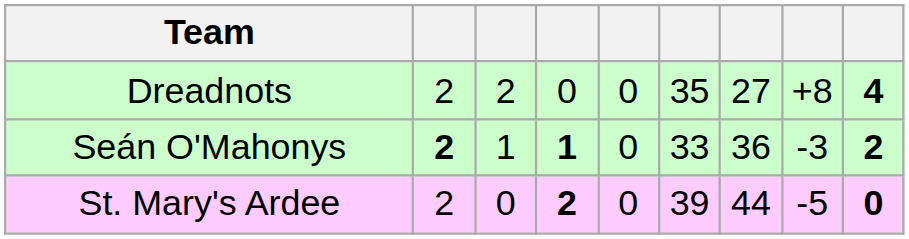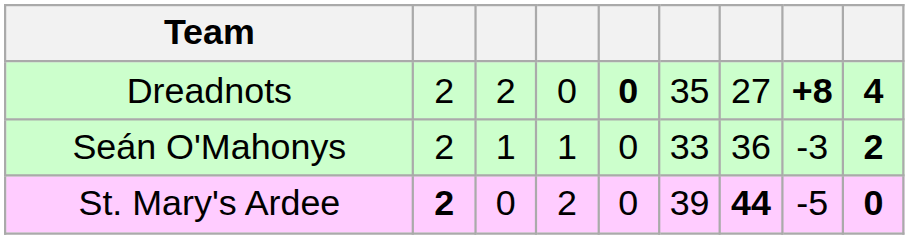 <table class="wikitable" style="text-align:center">
 <tr>
 <th style="width:175px;">Team</th>
 <th width="20"></th>
 <th width="20"></th>
 <th width="20"></th>
 <th width="20"></th>
 <th width="20"></th>
 <th width="20"></th>
 <th width="20"></th>
 <th width="20"></th>
 </tr>
 <tr style="background:#cfc;">
 <td>Dreadnots</td>
 <td>2</td>
 <td>2</td>
 <td>0</td>
-<td>0</td>
+<td><strong>0</strong></td>
 <td>35</td>
 <td>27</td>
-<td>+8</td>
+<td><strong>+8</strong></td>
 <td><strong>4</strong></td>
 </tr>
 <tr style="background:#cfc;">
 <td>Seán O'Mahonys</td>
-<td><strong>2</strong></td>
+<td>2</td>
 <td>1</td>
-<td><strong>1</strong></td>
+<td>1</td>
 <td>0</td>
 <td>33</td>
 <td>36</td>
 <td>-3</td>
 <td><strong>2</strong></td>
 </tr>
 <tr style="background:#fcf;">
 <td>St. Mary's Ardee</td>
+<td><strong>2</strong></td>
+<td>0</td>
 <td>2</td>
 <td>0</td>
-<td><strong>2</strong></td>
-<td>0</td>
 <td>39</td>
-<td>44</td>
+<td><strong>44</strong></td>
 <td>-5</td>
 <td><strong>0</strong></td>
 </tr>
 </table>
